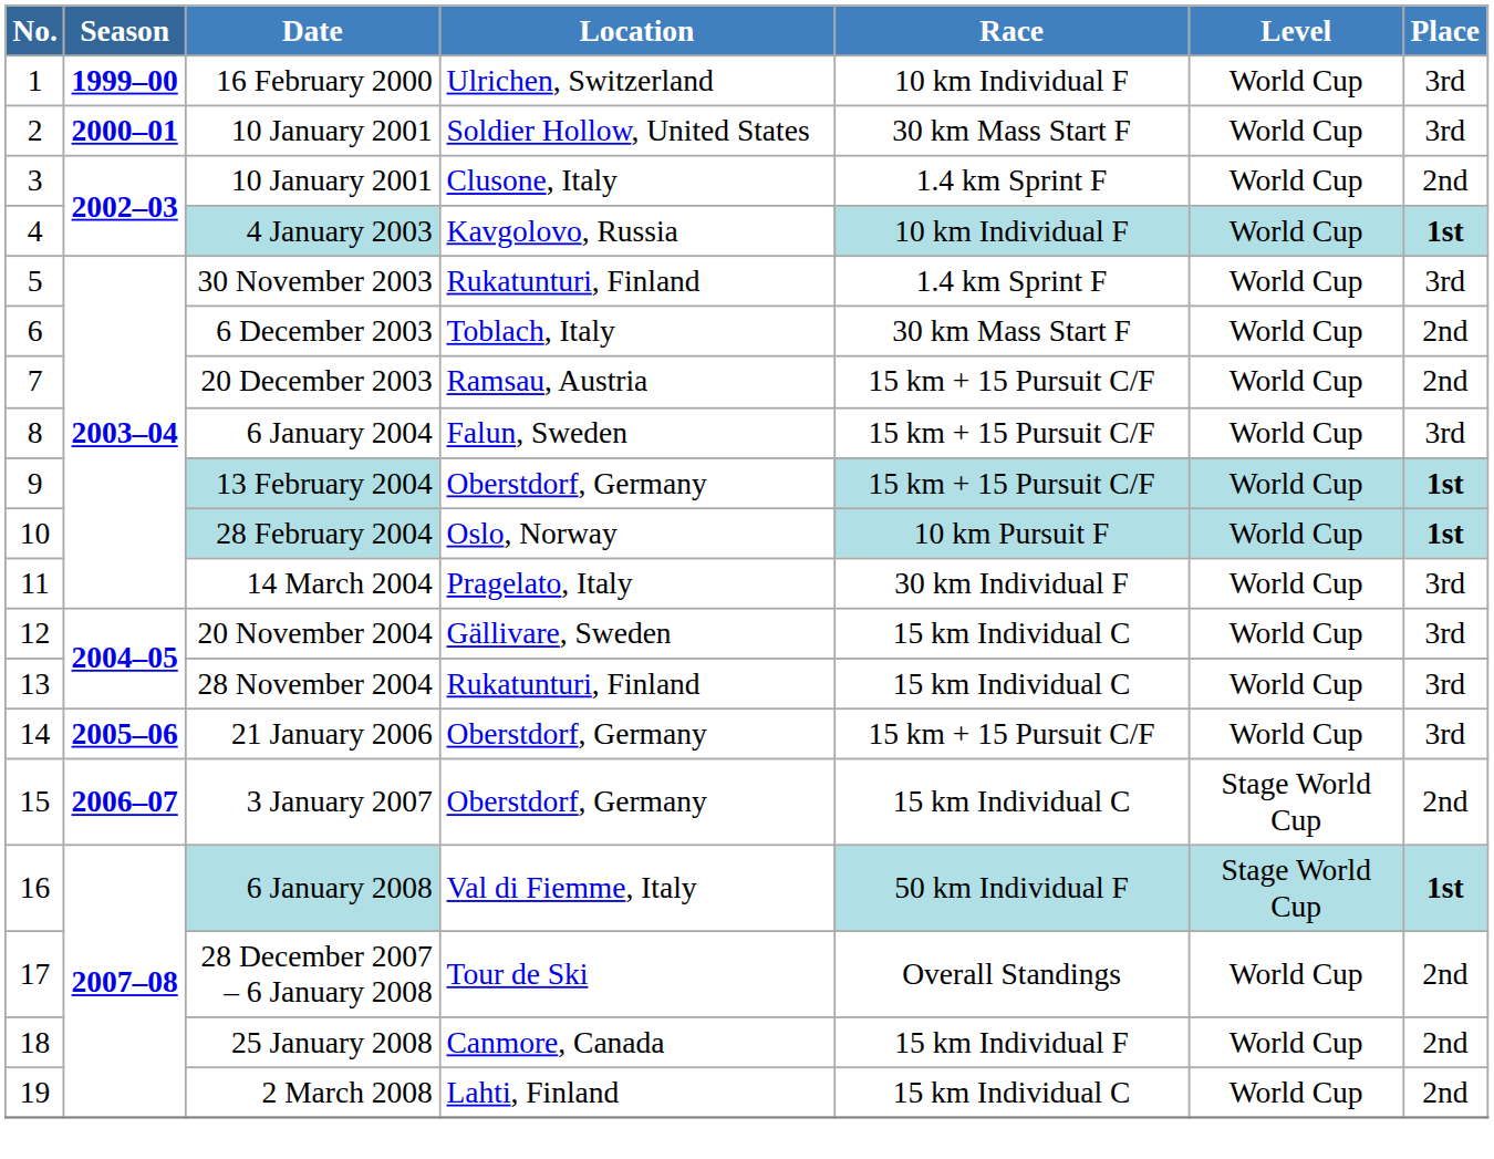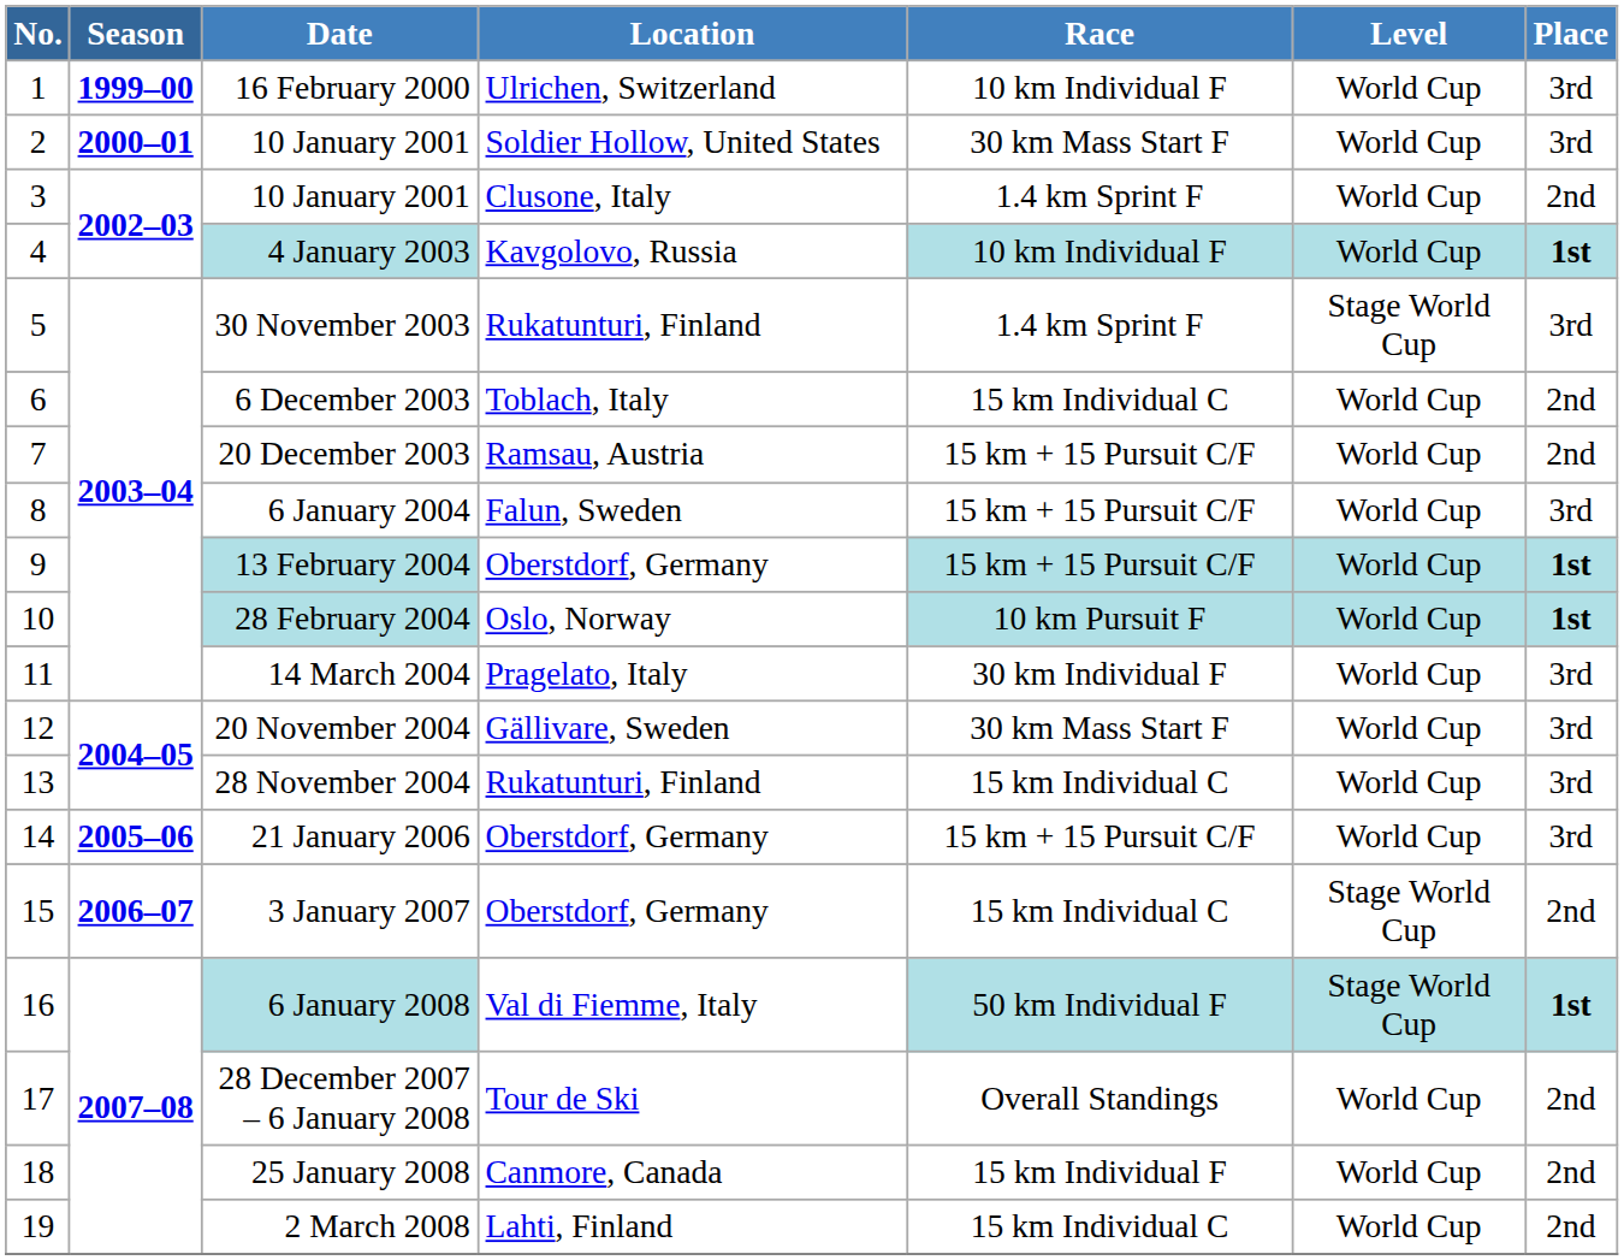 <table class="wikitable sortable" style="font-size:95%; text-align:center; border:grey solid 1px; border-collapse:collapse; background:#ffffff;">
 <tr style="background:#efefef;">
 <th style="background-color:#369; color:white;">No.</th>
 <th style="background-color:#369; color:white;">Season</th>
 <th style="background-color:#4180be; color:white; width:120px;">Date</th>
 <th style="background-color:#4180be; color:white; width:190px;">Location</th>
 <th style="background-color:#4180be; color:white; width:170px;">Race</th>
 <th style="background-color:#4180be; color:white; width:100px;">Level</th>
 <th style="background-color:#4180be; color:white;">Place</th>
 </tr>
 <tr>
 <td align=center>1</td>
 <td rowspan=1 align=center><strong><a href='#'>1999–00</a></strong></td>
 <td align=right>16 February 2000</td>
 <td align=left> <a href='#'>Ulrichen</a>, Switzerland</td>
 <td>10 km Individual F</td>
 <td>World Cup</td>
 <td>3rd</td>
 </tr>
 <tr>
 <td align=center>2</td>
 <td rowspan=1 align=center><strong><a href='#'>2000–01</a></strong></td>
 <td align=right>10 January 2001</td>
 <td align=left> <a href='#'>Soldier Hollow</a>, United States</td>
 <td>30 km Mass Start F</td>
 <td>World Cup</td>
 <td>3rd</td>
 </tr>
 <tr>
 <td align=center>3</td>
 <td rowspan=2 align=center><strong><a href='#'>2002–03</a></strong></td>
 <td align=right>10 January 2001</td>
 <td align=left> <a href='#'>Clusone</a>, Italy</td>
 <td>1.4 km Sprint F</td>
 <td>World Cup</td>
 <td>2nd</td>
 </tr>
 <tr>
 <td align=center>4</td>
 <td bgcolor="#BOEOE6" align=right>4 January 2003</td>
 <td align=left> <a href='#'>Kavgolovo</a>, Russia</td>
 <td bgcolor="#BOEOE6">10 km Individual F</td>
 <td bgcolor="#BOEOE6">World Cup</td>
 <td bgcolor="#BOEOE6"><strong>1st</strong></td>
 </tr>
 <tr>
 <td align=center>5</td>
 <td rowspan=7 align=center><strong><a href='#'>2003–04</a></strong></td>
 <td align=right>30 November 2003</td>
 <td align=left> <a href='#'>Rukatunturi</a>, Finland</td>
 <td>1.4 km Sprint F</td>
-<td>World Cup</td>
+<td>Stage World Cup</td>
 <td>3rd</td>
 </tr>
 <tr>
 <td align=center>6</td>
 <td align=right>6 December 2003</td>
 <td align=left> <a href='#'>Toblach</a>, Italy</td>
-<td>30 km Mass Start F</td>
+<td>15 km Individual C</td>
 <td>World Cup</td>
 <td>2nd</td>
 </tr>
 <tr>
 <td align=center>7</td>
 <td align=right>20 December 2003</td>
 <td align=left> <a href='#'>Ramsau</a>, Austria</td>
 <td>15 km + 15 Pursuit C/F</td>
 <td>World Cup</td>
 <td>2nd</td>
 </tr>
 <tr>
 <td align=center>8</td>
 <td align=right>6 January 2004</td>
 <td align=left> <a href='#'>Falun</a>, Sweden</td>
 <td>15 km + 15 Pursuit C/F</td>
 <td>World Cup</td>
 <td>3rd</td>
 </tr>
 <tr>
 <td align=center>9</td>
 <td bgcolor="#BOEOE6" align=right>13 February 2004</td>
 <td align=left> <a href='#'>Oberstdorf</a>, Germany</td>
 <td bgcolor="#BOEOE6">15 km + 15 Pursuit C/F</td>
 <td bgcolor="#BOEOE6">World Cup</td>
 <td bgcolor="#BOEOE6"><strong>1st</strong></td>
 </tr>
 <tr>
 <td align=center>10</td>
 <td bgcolor="#BOEOE6" align=right>28 February 2004</td>
 <td align=left> <a href='#'>Oslo</a>, Norway</td>
 <td bgcolor="#BOEOE6">10 km Pursuit F</td>
 <td bgcolor="#BOEOE6">World Cup</td>
 <td bgcolor="#BOEOE6"><strong>1st</strong></td>
 </tr>
 <tr>
 <td align=center>11</td>
 <td align=right>14 March 2004</td>
 <td align=left> <a href='#'>Pragelato</a>, Italy</td>
 <td>30 km Individual F</td>
 <td>World Cup</td>
 <td>3rd</td>
 </tr>
 <tr>
 <td align=center>12</td>
 <td rowspan=2 align=center><strong><a href='#'>2004–05</a></strong></td>
 <td align=right>20 November 2004</td>
 <td align=left> <a href='#'>Gällivare</a>, Sweden</td>
-<td>15 km Individual C</td>
+<td>30 km Mass Start F</td>
 <td>World Cup</td>
 <td>3rd</td>
 </tr>
 <tr>
 <td align=center>13</td>
 <td align=right>28 November 2004</td>
 <td align=left> <a href='#'>Rukatunturi</a>, Finland</td>
 <td>15 km Individual C</td>
 <td>World Cup</td>
 <td>3rd</td>
 </tr>
 <tr>
 <td align=center>14</td>
 <td rowspan=1 align=center><strong><a href='#'>2005–06</a></strong></td>
 <td align=right>21 January 2006</td>
 <td align=left> <a href='#'>Oberstdorf</a>, Germany</td>
 <td>15 km + 15 Pursuit C/F</td>
 <td>World Cup</td>
 <td>3rd</td>
 </tr>
 <tr>
 <td align=center>15</td>
 <td rowspan=1 align=center><strong><a href='#'>2006–07</a></strong></td>
 <td align=right>3 January 2007</td>
 <td align=left> <a href='#'>Oberstdorf</a>, Germany</td>
 <td>15 km Individual C</td>
 <td>Stage World Cup</td>
 <td>2nd</td>
 </tr>
 <tr>
 <td align=center>16</td>
 <td rowspan=4align=center><strong><a href='#'>2007–08</a></strong></td>
 <td bgcolor="#BOEOE6" align=right>6 January 2008</td>
 <td align=left> <a href='#'>Val di Fiemme</a>, Italy</td>
 <td bgcolor="#BOEOE6">50 km Individual F</td>
 <td bgcolor="#BOEOE6">Stage World Cup</td>
 <td bgcolor="#BOEOE6"><strong>1st</strong></td>
 </tr>
 <tr>
 <td align=center>17</td>
 <td align=right>28 December 2007<br> – 6 January 2008</td>
 <td align=left> <a href='#'>Tour de Ski</a></td>
 <td>Overall Standings</td>
 <td>World Cup</td>
 <td>2nd</td>
 </tr>
 <tr>
 <td align=center>18</td>
 <td align=right>25 January 2008</td>
 <td align=left> <a href='#'>Canmore</a>, Canada</td>
 <td>15 km Individual F</td>
 <td>World Cup</td>
 <td>2nd</td>
 </tr>
 <tr>
 <td align=center>19</td>
 <td align=right>2 March 2008</td>
 <td align=left> <a href='#'>Lahti</a>, Finland</td>
 <td>15 km Individual C</td>
 <td>World Cup</td>
 <td>2nd</td>
 </tr>
 <tr>
 </tr>
 </table>
